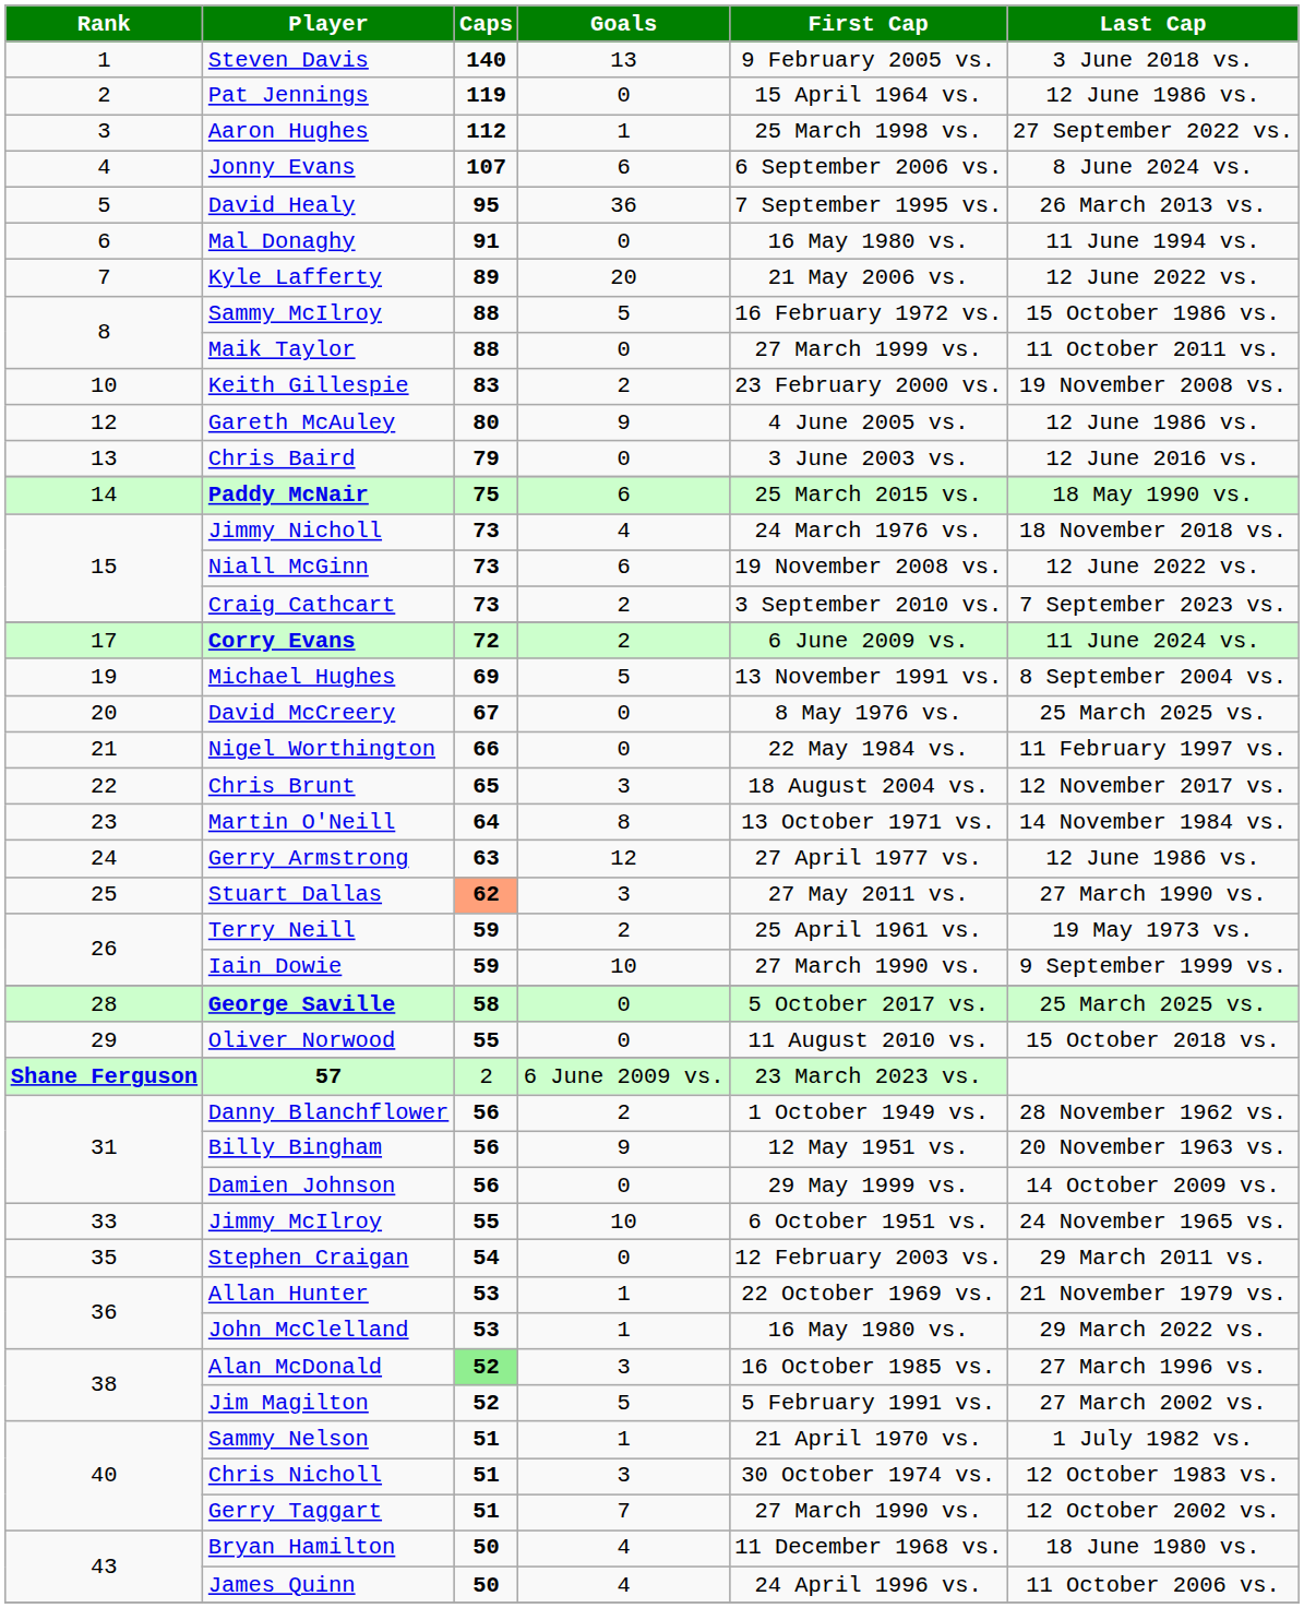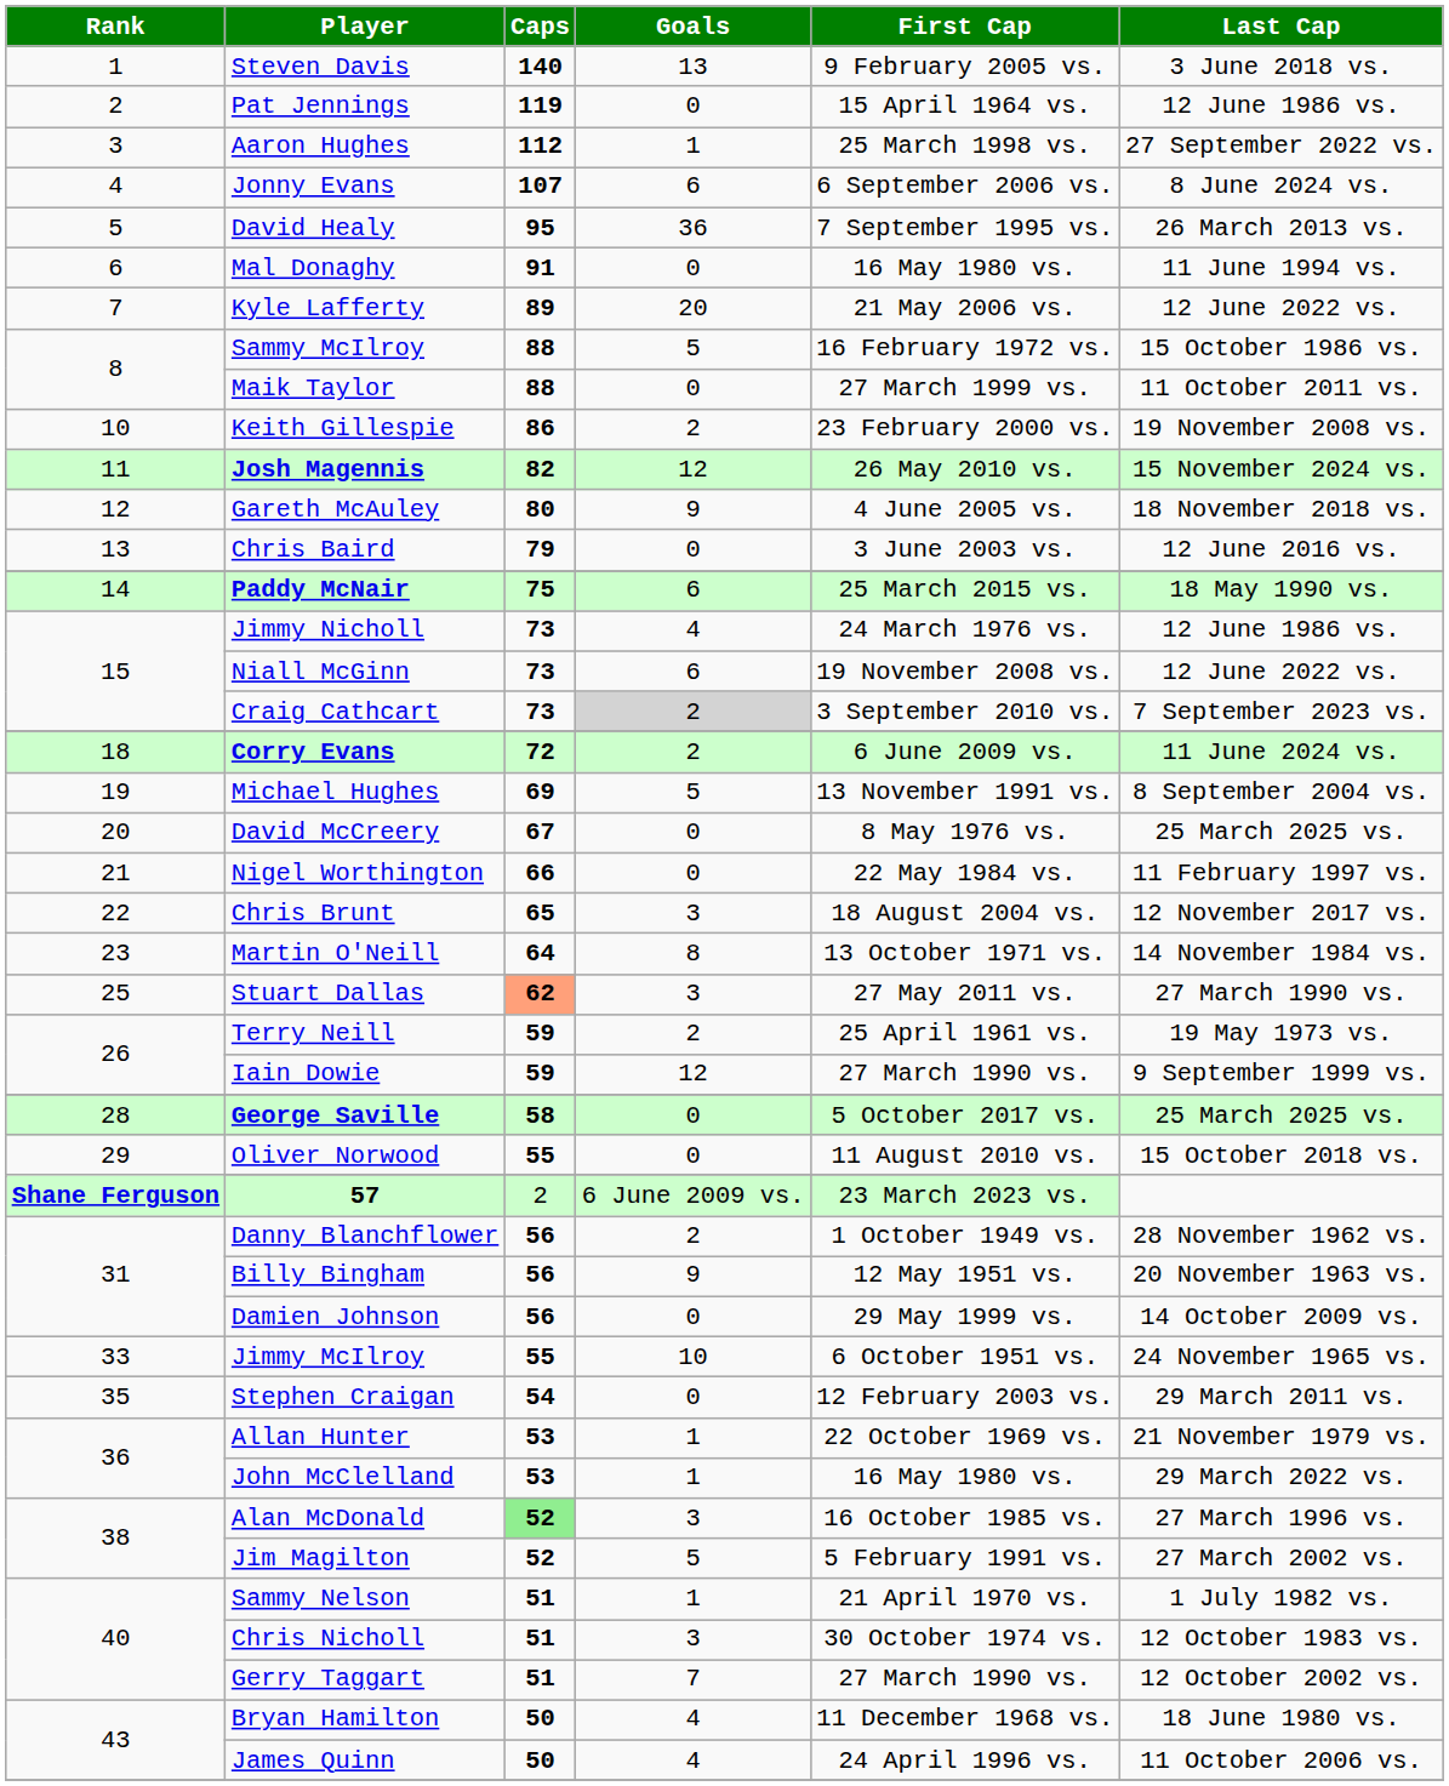 <table class="wikitable sortable" style="text-align:center;">
 <tr>
 <th style="background-color:#008000; color:white; ">Rank</th>
 <th style="background-color:#008000; color:white; ">Player</th>
 <th style="background-color:#008000; color:white; ">Caps</th>
 <th style="background-color:#008000; color:white; ">Goals</th>
 <th style="background-color:#008000; color:white; ">First Cap</th>
 <th style="background-color:#008000; color:white; ">Last Cap</th>
 </tr>
 <tr>
 <td>1</td>
 <td align="left"><a href='#'>Steven Davis</a></td>
 <td><strong>140</strong></td>
 <td>13</td>
 <td>9 February 2005 vs. </td>
 <td>3 June 2018 vs. </td>
 </tr>
 <tr>
 <td>2</td>
 <td align="left"><a href='#'>Pat Jennings</a></td>
 <td><strong>119</strong></td>
 <td>0</td>
 <td>15 April 1964 vs. </td>
 <td>12 June 1986 vs. </td>
 </tr>
 <tr>
 <td>3</td>
 <td align="left"><a href='#'>Aaron Hughes</a></td>
 <td><strong>112</strong></td>
 <td>1</td>
 <td>25 March 1998 vs. </td>
 <td>27 September 2022 vs. </td>
 </tr>
 <tr>
 <td>4</td>
 <td align="left"><a href='#'>Jonny Evans</a></td>
 <td><strong>107</strong></td>
 <td>6</td>
 <td>6 September 2006 vs. </td>
 <td>8 June 2024 vs. </td>
 </tr>
 <tr>
 <td>5</td>
 <td align="left"><a href='#'>David Healy</a></td>
 <td><strong>95</strong></td>
 <td>36</td>
 <td>7 September 1995 vs. </td>
 <td>26 March 2013 vs. </td>
 </tr>
 <tr>
 <td>6</td>
 <td align="left"><a href='#'>Mal Donaghy</a></td>
 <td><strong>91</strong></td>
 <td>0</td>
 <td>16 May 1980 vs. </td>
 <td>11 June 1994 vs. </td>
 </tr>
 <tr>
 <td>7</td>
 <td align="left"><a href='#'>Kyle Lafferty</a></td>
 <td><strong>89</strong></td>
 <td>20</td>
 <td>21 May 2006 vs. </td>
 <td>12 June 2022 vs. </td>
 </tr>
 <tr>
 <td rowspan="2">8</td>
 <td align="left"><a href='#'>Sammy McIlroy</a></td>
 <td><strong>88</strong></td>
 <td>5</td>
 <td>16 February 1972 vs. </td>
 <td>15 October 1986 vs. </td>
 </tr>
 <tr>
 <td align="left"><a href='#'>Maik Taylor</a></td>
 <td><strong>88</strong></td>
 <td>0</td>
 <td>27 March 1999 vs. </td>
 <td>11 October 2011 vs. </td>
 </tr>
 <tr>
 <td>10</td>
 <td align="left"><a href='#'>Keith Gillespie</a></td>
-<td><strong>83</strong></td>
+<td><strong>86</strong></td>
 <td>2</td>
 <td>23 February 2000 vs. </td>
 <td>19 November 2008 vs. </td>
+</tr>
+<tr bgcolor=#CFC>
+<td>11</td>
+<td align="left"><strong><a href='#'>Josh Magennis</a></strong></td>
+<td><strong>82</strong></td>
+<td>12</td>
+<td>26 May 2010 vs. </td>
+<td>15 November 2024 vs. </td>
 </tr>
 <tr>
 <td>12</td>
 <td align="left"><a href='#'>Gareth McAuley</a></td>
 <td><strong>80</strong></td>
 <td>9</td>
 <td>4 June 2005 vs. </td>
-<td>12 June 1986 vs. </td>
+<td>18 November 2018 vs. </td>
 </tr>
 <tr>
 <td>13</td>
 <td align="left"><a href='#'>Chris Baird</a></td>
 <td><strong>79</strong></td>
 <td>0</td>
 <td>3 June 2003 vs. </td>
 <td>12 June 2016 vs. </td>
 </tr>
 <tr>
 </tr>
 <tr bgcolor=#CFC>
 <td>14</td>
 <td align="left"><strong><a href='#'>Paddy McNair</a></strong></td>
 <td><strong>75</strong></td>
 <td>6</td>
 <td>25 March 2015 vs. </td>
 <td>18 May 1990 vs. </td>
 </tr>
 <tr>
 <td rowspan="3">15</td>
 <td align="left"><a href='#'>Jimmy Nicholl</a></td>
 <td><strong>73</strong></td>
 <td>4</td>
 <td>24 March 1976 vs. </td>
-<td>18 November 2018 vs. </td>
+<td>12 June 1986 vs. </td>
 </tr>
 <tr>
 <td align="left"><a href='#'>Niall McGinn</a></td>
 <td><strong>73</strong></td>
 <td>6</td>
 <td>19 November 2008 vs. </td>
 <td>12 June 2022 vs. </td>
 </tr>
 <tr>
 <td align="left"><a href='#'>Craig Cathcart</a></td>
 <td><strong>73</strong></td>
-<td>2</td>
+<td style="background: lightgrey;">2</td>
 <td>3 September 2010 vs. </td>
 <td>7 September 2023 vs. </td>
 </tr>
 <tr>
 </tr>
 <tr bgcolor=#CFC>
-<td>17</td>
+<td>18</td>
 <td align="left"><strong><a href='#'>Corry Evans</a></strong></td>
 <td><strong>72</strong></td>
 <td>2</td>
 <td>6 June 2009 vs. </td>
 <td>11 June 2024 vs. </td>
 </tr>
 <tr>
 <td>19</td>
 <td align="left"><a href='#'>Michael Hughes</a></td>
 <td><strong>69</strong></td>
 <td>5</td>
 <td>13 November 1991 vs. </td>
 <td>8 September 2004 vs. </td>
 </tr>
 <tr>
 <td>20</td>
 <td align="left"><a href='#'>David McCreery</a></td>
 <td><strong>67</strong></td>
 <td>0</td>
 <td>8 May 1976 vs. </td>
 <td>25 March 2025 vs. </td>
 </tr>
 <tr>
 <td>21</td>
 <td align="left"><a href='#'>Nigel Worthington</a></td>
 <td><strong>66</strong></td>
 <td>0</td>
 <td>22 May 1984 vs. </td>
 <td>11 February 1997 vs. </td>
 </tr>
 <tr>
 <td>22</td>
 <td align="left"><a href='#'>Chris Brunt</a></td>
 <td><strong>65</strong></td>
 <td>3</td>
 <td>18 August 2004 vs. </td>
 <td>12 November 2017 vs. </td>
 </tr>
 <tr>
 <td>23</td>
 <td align="left"><a href='#'>Martin O'Neill</a></td>
 <td><strong>64</strong></td>
 <td>8</td>
 <td>13 October 1971 vs. </td>
 <td>14 November 1984 vs. </td>
 </tr>
 <tr>
-<td>24</td>
-<td align="left"><a href='#'>Gerry Armstrong</a></td>
-<td><strong>63</strong></td>
-<td>12</td>
-<td>27 April 1977 vs. </td>
-<td>12 June 1986 vs. </td>
-</tr>
-<tr>
 <td>25</td>
 <td align="left"><a href='#'>Stuart Dallas</a></td>
 <td style="background: lightsalmon;"><strong>62</strong></td>
 <td>3</td>
 <td>27 May 2011 vs. </td>
 <td>27 March 1990 vs. </td>
 </tr>
 <tr>
 <td rowspan="2">26</td>
 <td align="left"><a href='#'>Terry Neill</a></td>
 <td><strong>59</strong></td>
 <td>2</td>
 <td>25 April 1961 vs. </td>
 <td>19 May 1973 vs. </td>
 </tr>
 <tr>
 <td align="left"><a href='#'>Iain Dowie</a></td>
 <td><strong>59</strong></td>
-<td>10</td>
+<td>12</td>
 <td>27 March 1990 vs. </td>
 <td>9 September 1999 vs. </td>
 </tr>
 <tr>
 </tr>
 <tr bgcolor=#CFC>
 <td>28</td>
 <td align="left"><strong><a href='#'>George Saville</a></strong></td>
 <td><strong>58</strong></td>
 <td>0</td>
 <td>5 October 2017 vs. </td>
 <td>25 March 2025 vs. </td>
 </tr>
 <tr>
 <td rowspan=2>29</td>
 <td align="left"><a href='#'>Oliver Norwood</a></td>
 <td><strong>55</strong></td>
 <td>0</td>
 <td>11 August 2010 vs. </td>
 <td>15 October 2018 vs. </td>
 </tr>
 <tr>
 </tr>
 <tr bgcolor=#CFC>
 <td align="left"><strong><a href='#'>Shane Ferguson</a></strong></td>
 <td><strong>57</strong></td>
 <td>2</td>
 <td>6 June 2009 vs. </td>
 <td>23 March 2023 vs. </td>
 </tr>
 <tr>
 <td rowspan="3">31</td>
 <td align="left"><a href='#'>Danny Blanchflower</a></td>
 <td><strong>56</strong></td>
 <td>2</td>
 <td>1 October 1949 vs. </td>
 <td>28 November 1962 vs. </td>
 </tr>
 <tr>
 <td align="left"><a href='#'>Billy Bingham</a></td>
 <td><strong>56</strong></td>
 <td>9</td>
 <td>12 May 1951 vs. </td>
 <td>20 November 1963 vs. </td>
 </tr>
 <tr>
 <td align="left"><a href='#'>Damien Johnson</a></td>
 <td><strong>56</strong></td>
 <td>0</td>
 <td>29 May 1999 vs. </td>
 <td>14 October 2009 vs. </td>
 </tr>
 <tr>
 <td>33</td>
 <td align="left"><a href='#'>Jimmy McIlroy</a></td>
 <td><strong>55</strong></td>
 <td>10</td>
 <td>6 October 1951 vs. </td>
 <td>24 November 1965 vs. </td>
 </tr>
 <tr>
 <td>35</td>
 <td align="left"><a href='#'>Stephen Craigan</a></td>
 <td><strong>54</strong></td>
 <td>0</td>
 <td>12 February 2003 vs. </td>
 <td>29 March 2011 vs. </td>
 </tr>
 <tr>
 <td rowspan="2">36</td>
 <td align="left"><a href='#'>Allan Hunter</a></td>
 <td><strong>53</strong></td>
 <td>1</td>
 <td>22 October 1969 vs. </td>
 <td>21 November 1979 vs. </td>
 </tr>
 <tr>
 <td align="left"><a href='#'>John McClelland</a></td>
 <td><strong>53</strong></td>
 <td>1</td>
 <td>16 May 1980 vs. </td>
 <td>29 March 2022 vs. </td>
 </tr>
 <tr>
 <td rowspan="2">38</td>
 <td align="left"><a href='#'>Alan McDonald</a></td>
 <td style="background: lightgreen;"><strong>52</strong></td>
 <td>3</td>
 <td>16 October 1985 vs. </td>
 <td>27 March 1996 vs. </td>
 </tr>
 <tr>
 <td align="left"><a href='#'>Jim Magilton</a></td>
 <td><strong>52</strong></td>
 <td>5</td>
 <td>5 February 1991 vs. </td>
 <td>27 March 2002 vs. </td>
 </tr>
 <tr>
 <td rowspan="3">40</td>
 <td align="left"><a href='#'>Sammy Nelson</a></td>
 <td><strong>51</strong></td>
 <td>1</td>
 <td>21 April 1970 vs. </td>
 <td>1 July 1982 vs. </td>
 </tr>
 <tr>
 <td align="left"><a href='#'>Chris Nicholl</a></td>
 <td><strong>51</strong></td>
 <td>3</td>
 <td>30 October 1974 vs. </td>
 <td>12 October 1983 vs. </td>
 </tr>
 <tr>
 <td align="left"><a href='#'>Gerry Taggart</a></td>
 <td><strong>51</strong></td>
 <td>7</td>
 <td>27 March 1990 vs. </td>
 <td>12 October 2002 vs. </td>
 </tr>
 <tr>
 <td rowspan="2">43</td>
 <td align="left"><a href='#'>Bryan Hamilton</a></td>
 <td><strong>50</strong></td>
 <td>4</td>
 <td>11 December 1968 vs. </td>
 <td>18 June 1980 vs. </td>
 </tr>
 <tr>
 <td align="left"><a href='#'>James Quinn</a></td>
 <td><strong>50</strong></td>
 <td>4</td>
 <td>24 April 1996 vs. </td>
 <td>11 October 2006 vs. </td>
 </tr>
 <tr>
 </tr>
 </table>
